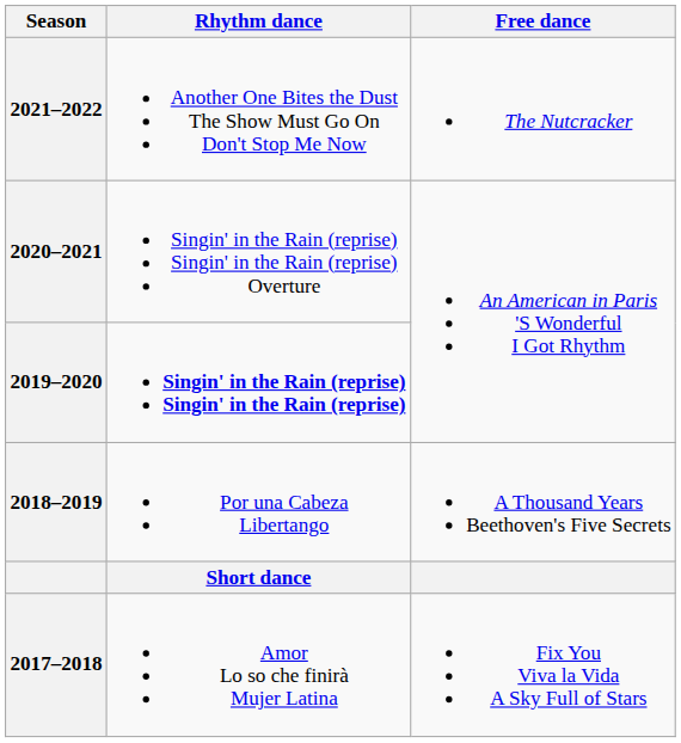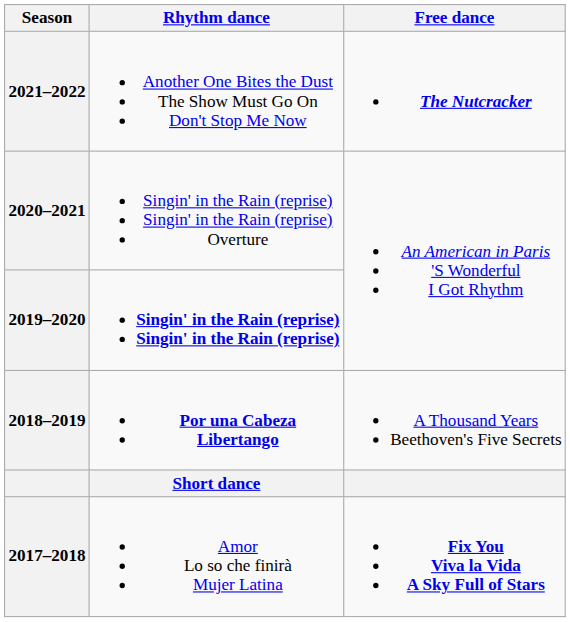 <table class=wikitable style=text-align:center>
 <tr>
 <th>Season</th>
 <th><a href='#'>Rhythm dance</a></th>
 <th><a href='#'>Free dance</a></th>
 </tr>
 <tr>
 <th>2021–2022 <br> </th>
 <td><br><ul><li> <a href='#'>Another One Bites the Dust</a></li><li> The Show Must Go On</li><li> <a href='#'>Don't Stop Me Now</a> <br> </li></ul></td>
-<td><br><ul><li><em><a href='#'>The Nutcracker</a></em> <br> </li></ul></td>
+<td><strong><br><ul><li><em><a href='#'>The Nutcracker</a></em> <br> </li></ul></strong></td>
 </tr>
 <tr>
 <th>2020–2021 <br> </th>
 <td><br><ul><li><a href='#'>Singin' in the Rain (reprise)</a></li><li><a href='#'>Singin' in the Rain (reprise)</a></li><li>Overture <br></li></ul></td>
 <td rowspan=2><br><ul><li><em><a href='#'>An American in Paris</a></em></li><li><a href='#'>'S Wonderful</a></li><li><a href='#'>I Got Rhythm</a><br></li></ul></td>
 </tr>
 <tr>
 <th>2019–2020 <br> </th>
 <td><strong><br><ul><li> <a href='#'>Singin' in the Rain (reprise)</a></li><li> <a href='#'>Singin' in the Rain (reprise)</a><br></li></ul></strong></td>
 </tr>
 <tr>
 <th>2018–2019 <br> </th>
-<td><br><ul><li> <a href='#'>Por una Cabeza</a><br></li><li> <a href='#'>Libertango</a><br></li></ul></td>
+<td><strong><br><ul><li> <a href='#'>Por una Cabeza</a><br></li><li> <a href='#'>Libertango</a><br></li></ul></strong></td>
 <td><br><ul><li><a href='#'>A Thousand Years</a><br></li><li>Beethoven's Five Secrets<br></li></ul></td>
 </tr>
 <tr>
 <th></th>
 <th><a href='#'>Short dance</a></th>
 <th></th>
 </tr>
 <tr>
 <th>2017–2018 <br> </th>
 <td><br><ul><li> <a href='#'>Amor</a><br></li><li> Lo so che finirà<br></li><li> <a href='#'>Mujer Latina</a><br></li></ul></td>
-<td><br><ul><li><a href='#'>Fix You</a></li><li><a href='#'>Viva la Vida</a></li><li><a href='#'>A Sky Full of Stars</a><br></li></ul></td>
+<td><strong><br><ul><li><a href='#'>Fix You</a></li><li><a href='#'>Viva la Vida</a></li><li><a href='#'>A Sky Full of Stars</a><br></li></ul></strong></td>
 </tr>
 </table>
